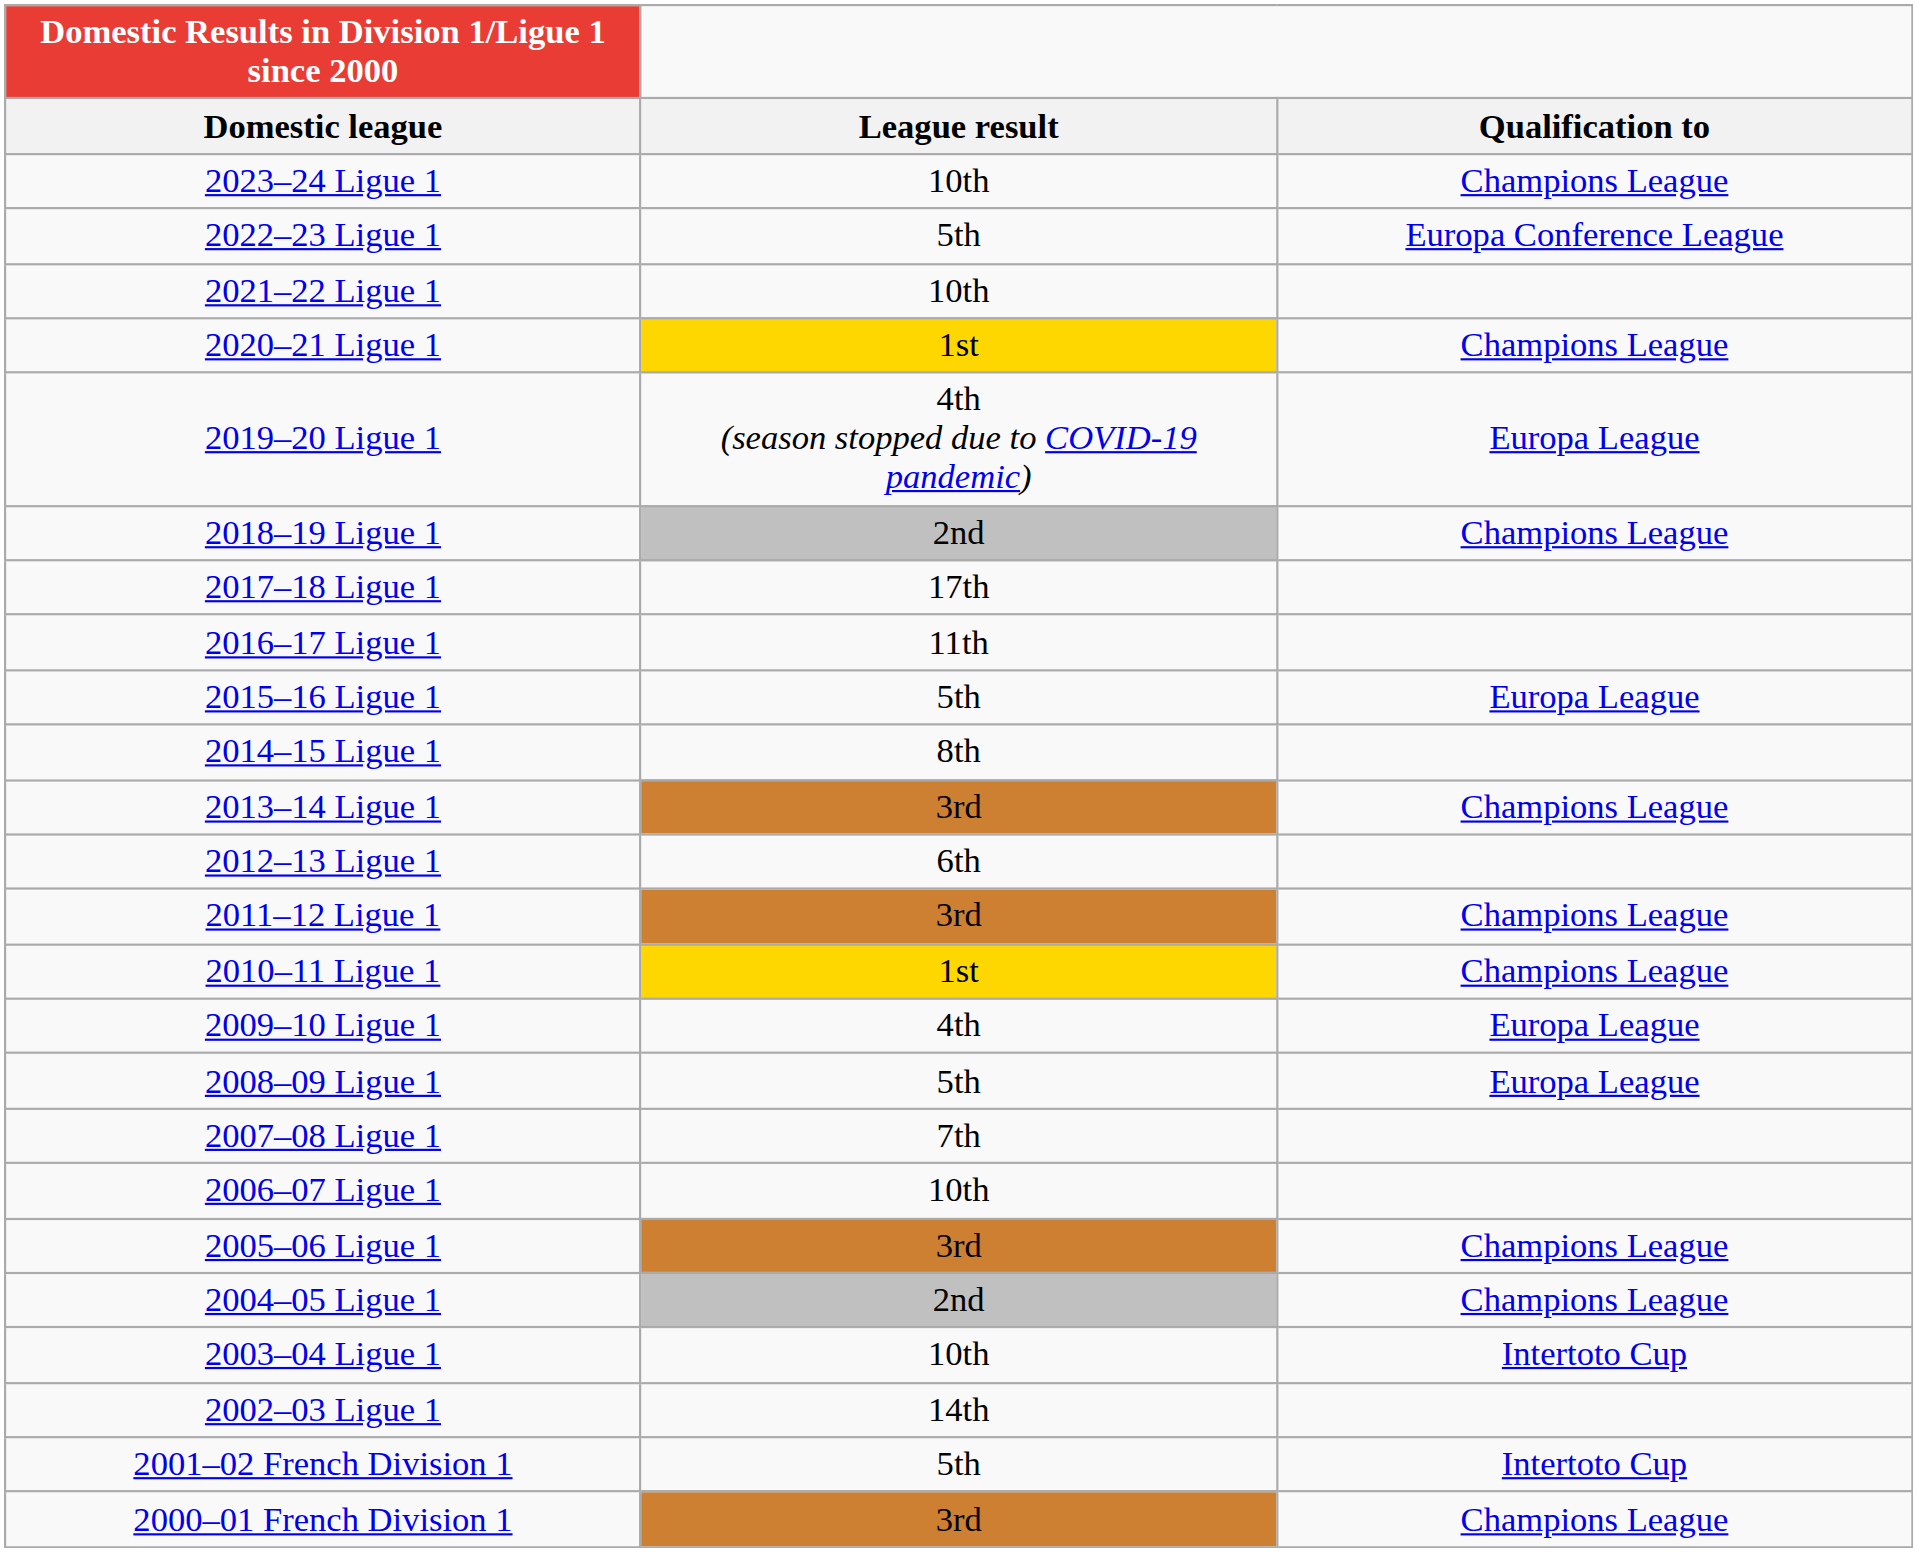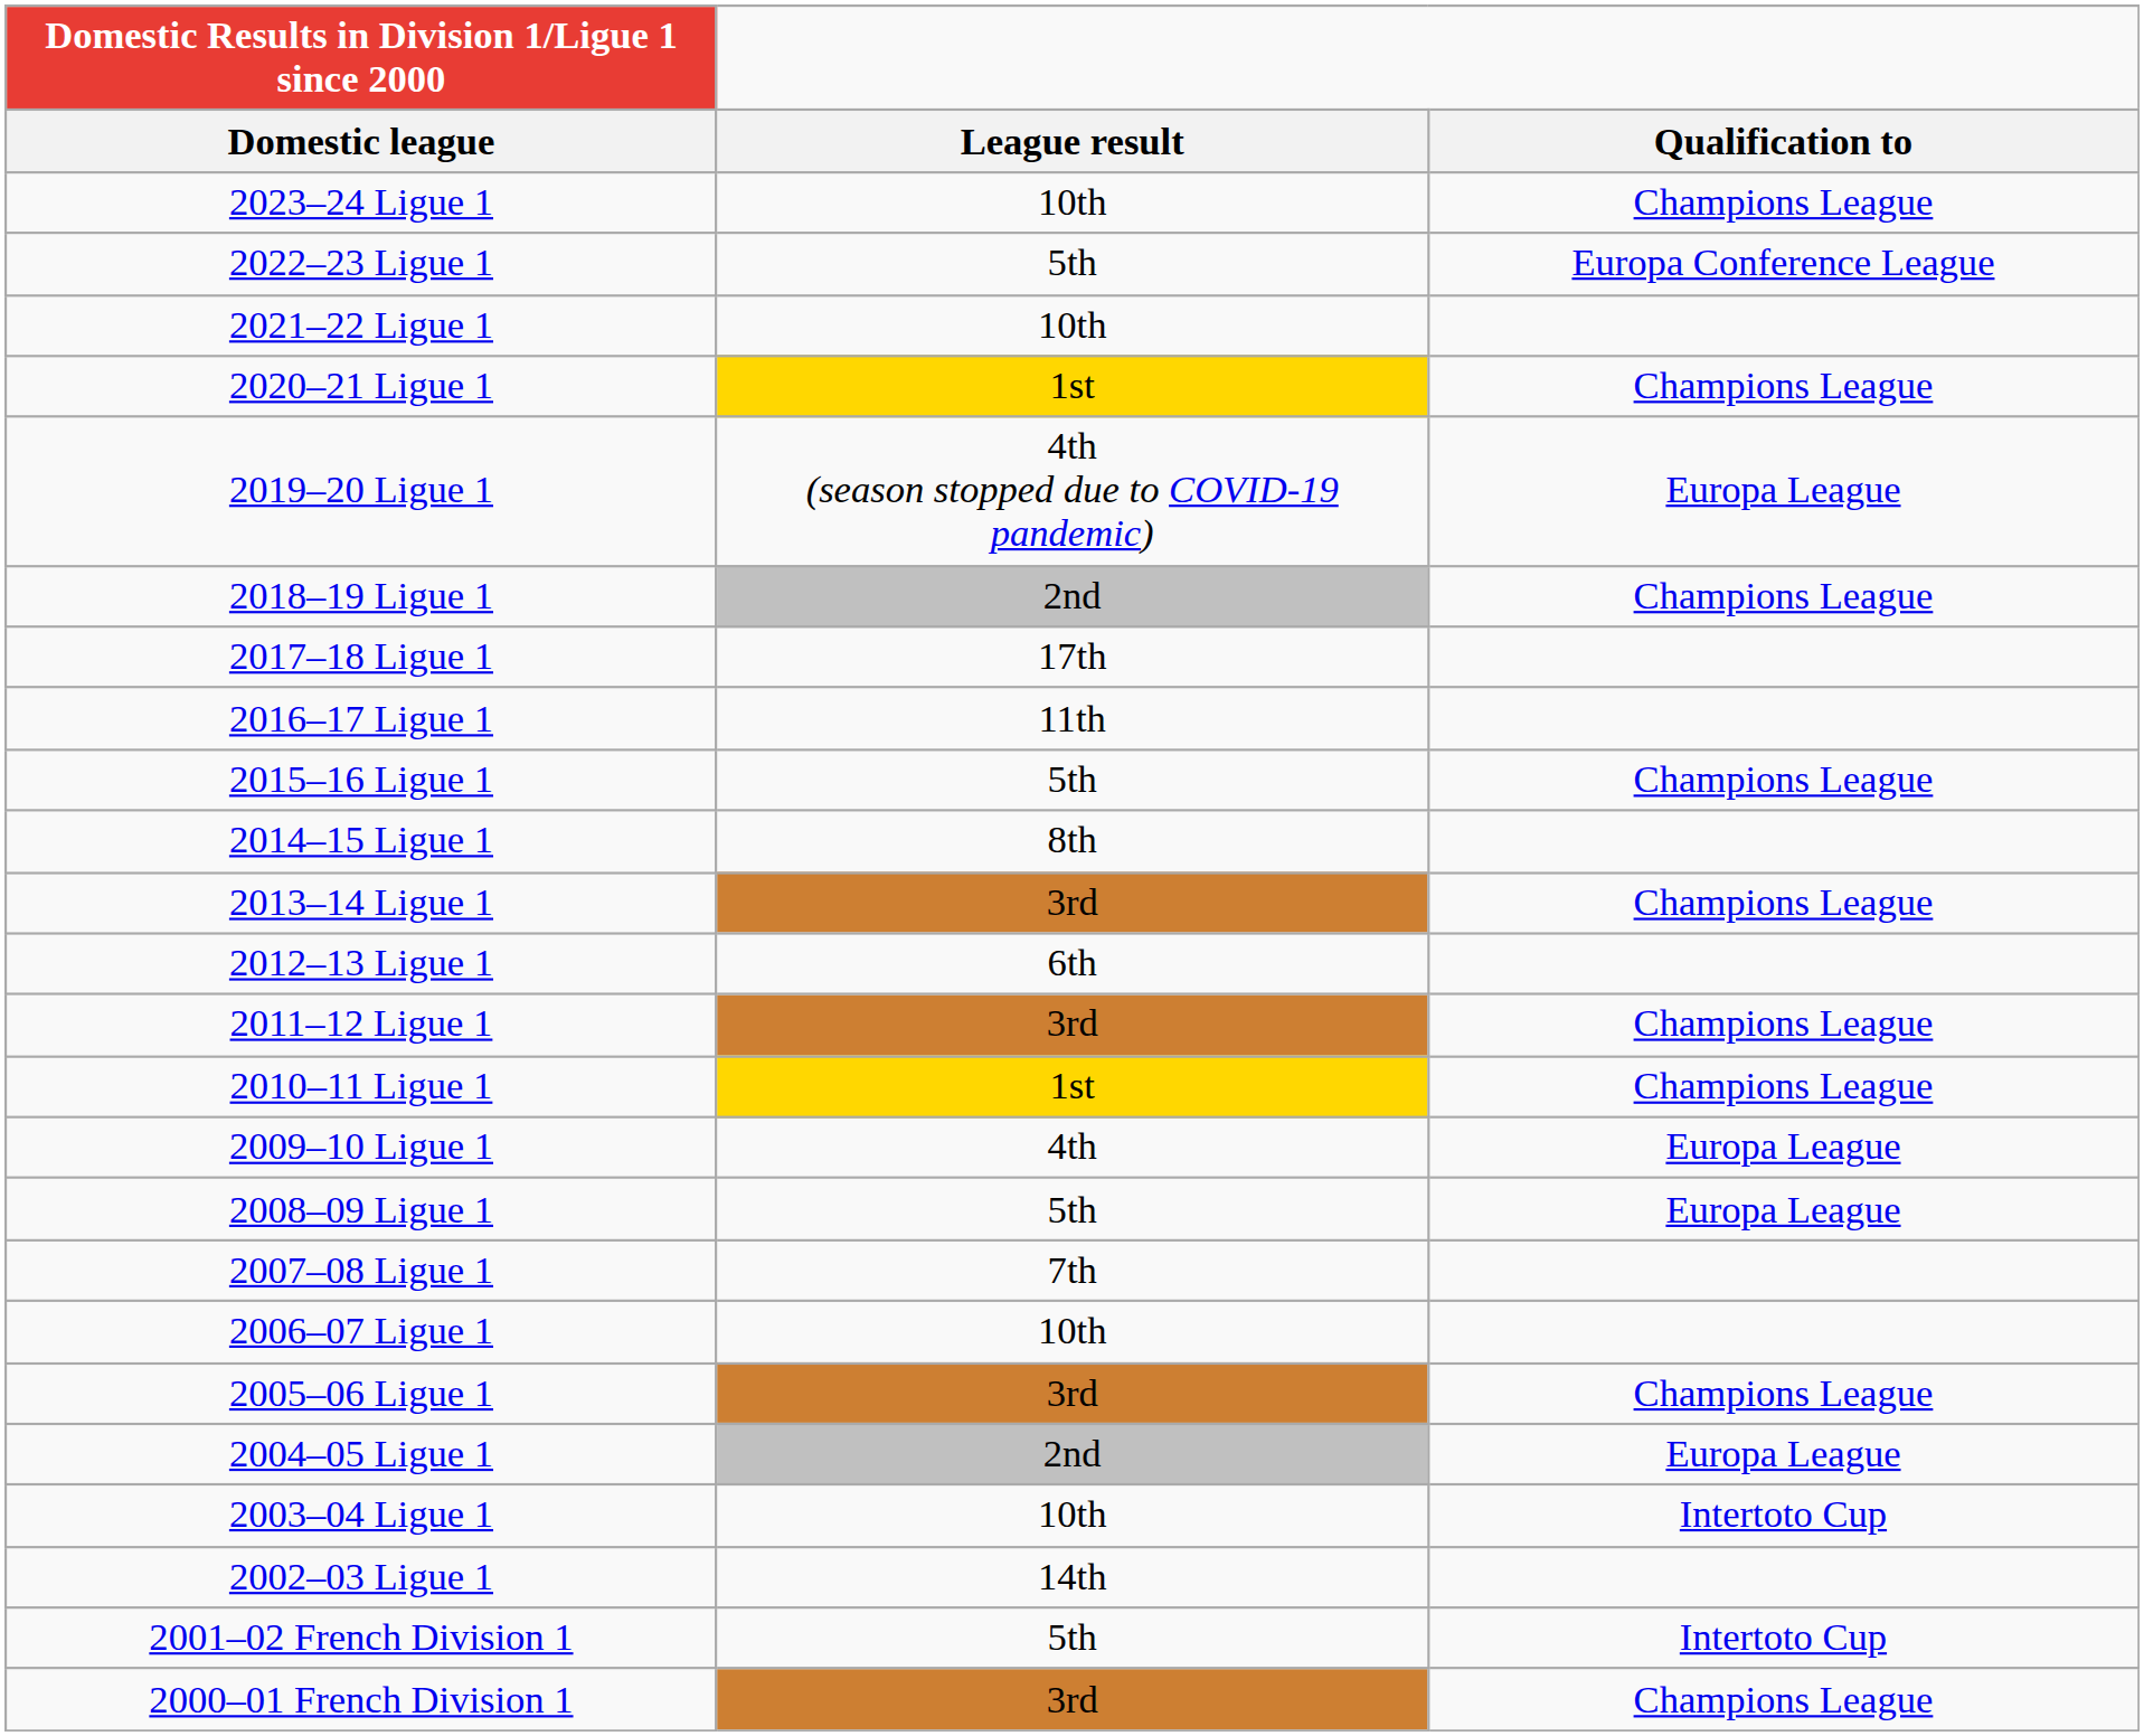 <table class="wikitable collapsible collapsed" style="width: 100%; text-align: center;">
 <tr>
 <th style="background:#E83C34; color:#FFFFFF; ">Domestic Results in Division 1/Ligue 1 since 2000</th>
 </tr>
 <tr>
 <th style="width:20%;">Domestic league</th>
 <th style="width:20%;">League result</th>
 <th style="width:20%;">Qualification to</th>
 </tr>
 <tr>
 <td><a href='#'>2023–24 Ligue 1</a></td>
 <td>10th</td>
 <td><a href='#'>Champions League</a></td>
 </tr>
 <tr>
 <td><a href='#'>2022–23 Ligue 1</a></td>
 <td>5th</td>
 <td><a href='#'>Europa Conference League</a></td>
 </tr>
 <tr>
 <td><a href='#'>2021–22 Ligue 1</a></td>
 <td>10th</td>
 <td></td>
 </tr>
 <tr>
 <td><a href='#'>2020–21 Ligue 1</a></td>
 <td style="background:gold;">1st</td>
 <td><a href='#'>Champions League</a></td>
 </tr>
 <tr>
 <td><a href='#'>2019–20 Ligue 1</a></td>
 <td>4th<br><em>(season stopped due to <a href='#'>COVID-19 pandemic</a>)</em></td>
 <td><a href='#'>Europa League</a></td>
 </tr>
 <tr>
 <td><a href='#'>2018–19 Ligue 1</a></td>
 <td style="background:silver;">2nd</td>
 <td><a href='#'>Champions League</a></td>
 </tr>
 <tr>
 <td><a href='#'>2017–18 Ligue 1</a></td>
 <td>17th</td>
 <td></td>
 </tr>
 <tr>
 <td><a href='#'>2016–17 Ligue 1</a></td>
 <td>11th</td>
 <td></td>
 </tr>
 <tr>
 <td><a href='#'>2015–16 Ligue 1</a></td>
 <td>5th</td>
-<td><a href='#'>Europa League</a></td>
+<td><a href='#'>Champions League</a></td>
 </tr>
 <tr>
 <td><a href='#'>2014–15 Ligue 1</a></td>
 <td>8th</td>
 <td></td>
 </tr>
 <tr>
 <td><a href='#'>2013–14 Ligue 1</a></td>
 <td style="background:#cd7f32;">3rd</td>
 <td><a href='#'>Champions League</a></td>
 </tr>
 <tr>
 <td><a href='#'>2012–13 Ligue 1</a></td>
 <td>6th</td>
 <td></td>
 </tr>
 <tr>
 <td><a href='#'>2011–12 Ligue 1</a></td>
 <td style="background:#cd7f32;">3rd</td>
 <td><a href='#'>Champions League</a></td>
 </tr>
 <tr>
 <td><a href='#'>2010–11 Ligue 1</a></td>
 <td style="background:gold;">1st</td>
 <td><a href='#'>Champions League</a></td>
 </tr>
 <tr>
 <td><a href='#'>2009–10 Ligue 1</a></td>
 <td>4th</td>
 <td><a href='#'>Europa League</a></td>
 </tr>
 <tr>
 <td><a href='#'>2008–09 Ligue 1</a></td>
 <td>5th</td>
 <td><a href='#'>Europa League</a></td>
 </tr>
 <tr>
 <td><a href='#'>2007–08 Ligue 1</a></td>
 <td>7th</td>
 <td></td>
 </tr>
 <tr>
 <td><a href='#'>2006–07 Ligue 1</a></td>
 <td>10th</td>
 <td></td>
 </tr>
 <tr>
 <td><a href='#'>2005–06 Ligue 1</a></td>
 <td style="background:#cd7f32;">3rd</td>
 <td><a href='#'>Champions League</a></td>
 </tr>
 <tr>
 <td><a href='#'>2004–05 Ligue 1</a></td>
 <td style="background:silver;">2nd</td>
-<td><a href='#'>Champions League</a></td>
+<td><a href='#'>Europa League</a></td>
 </tr>
 <tr>
 <td><a href='#'>2003–04 Ligue 1</a></td>
 <td>10th</td>
 <td><a href='#'>Intertoto Cup</a></td>
 </tr>
 <tr>
 <td><a href='#'>2002–03 Ligue 1</a></td>
 <td>14th</td>
 <td></td>
 </tr>
 <tr>
 <td><a href='#'>2001–02 French Division 1</a></td>
 <td>5th</td>
 <td><a href='#'>Intertoto Cup</a></td>
 </tr>
 <tr>
 <td><a href='#'>2000–01 French Division 1</a></td>
 <td style="background:#cd7f32;">3rd</td>
 <td><a href='#'>Champions League</a></td>
 </tr>
 </table>
